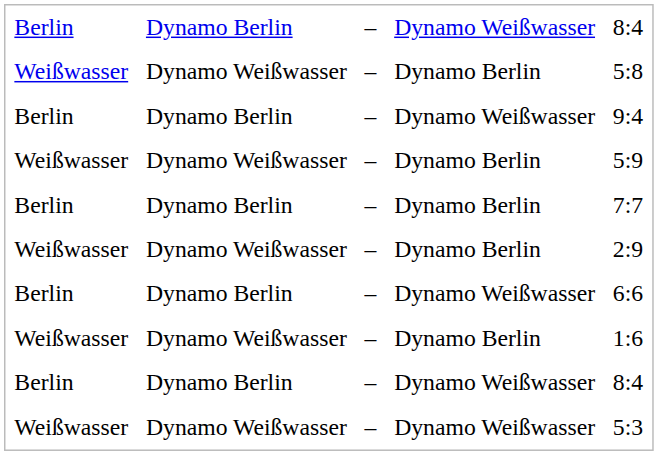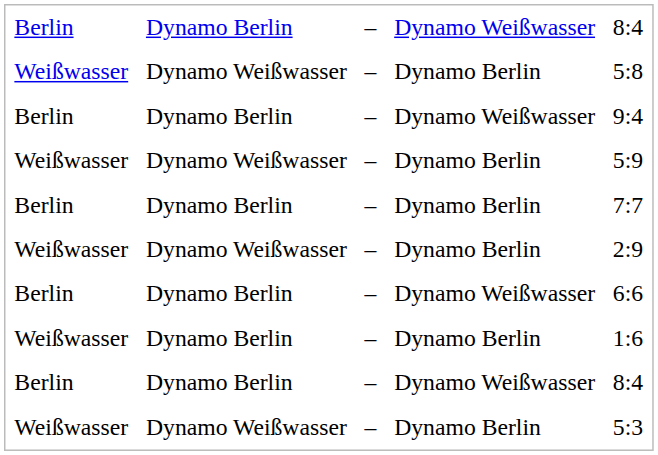 <table cellspacing="0" border="0" cellpadding="6" style="border:1px solid #bbb; background-color:#FFFFFF;">
 <tr>
 <td><a href='#'>Berlin</a></td>
 <td><a href='#'>Dynamo Berlin</a></td>
 <td>–</td>
 <td><a href='#'>Dynamo Weißwasser</a></td>
 <td>8:4</td>
 </tr>
 <tr>
 <td><a href='#'>Weißwasser</a></td>
 <td>Dynamo Weißwasser</td>
 <td>–</td>
 <td>Dynamo Berlin</td>
 <td>5:8</td>
 </tr>
 <tr>
 <td>Berlin</td>
 <td>Dynamo Berlin</td>
 <td>–</td>
 <td>Dynamo Weißwasser</td>
 <td>9:4</td>
 </tr>
 <tr>
 <td>Weißwasser</td>
 <td>Dynamo Weißwasser</td>
 <td>–</td>
 <td>Dynamo Berlin</td>
 <td>5:9</td>
 </tr>
 <tr>
 <td>Berlin</td>
 <td>Dynamo Berlin</td>
 <td>–</td>
 <td>Dynamo Berlin</td>
 <td>7:7</td>
 </tr>
 <tr>
 <td>Weißwasser</td>
 <td>Dynamo Weißwasser</td>
 <td>–</td>
 <td>Dynamo Berlin</td>
 <td>2:9</td>
 </tr>
 <tr>
 <td>Berlin</td>
 <td>Dynamo Berlin</td>
 <td>–</td>
 <td>Dynamo Weißwasser</td>
 <td>6:6</td>
 </tr>
 <tr>
 <td>Weißwasser</td>
-<td>Dynamo Weißwasser</td>
+<td>Dynamo Berlin</td>
 <td>–</td>
 <td>Dynamo Berlin</td>
 <td>1:6</td>
 </tr>
 <tr>
 <td>Berlin</td>
 <td>Dynamo Berlin</td>
 <td>–</td>
 <td>Dynamo Weißwasser</td>
 <td>8:4</td>
 </tr>
 <tr>
 <td>Weißwasser</td>
 <td>Dynamo Weißwasser</td>
 <td>–</td>
-<td>Dynamo Weißwasser</td>
+<td>Dynamo Berlin</td>
 <td>5:3</td>
 </tr>
 </table>
